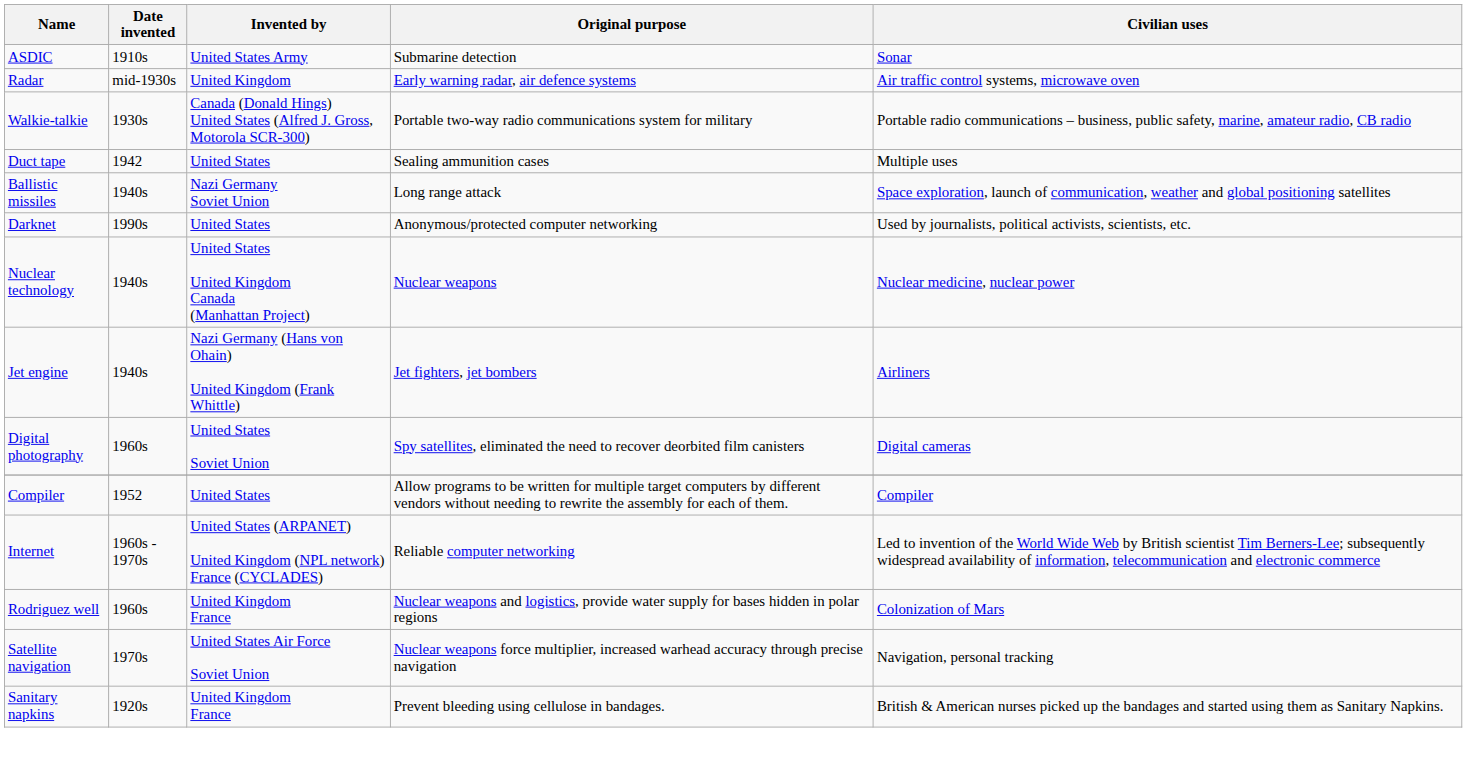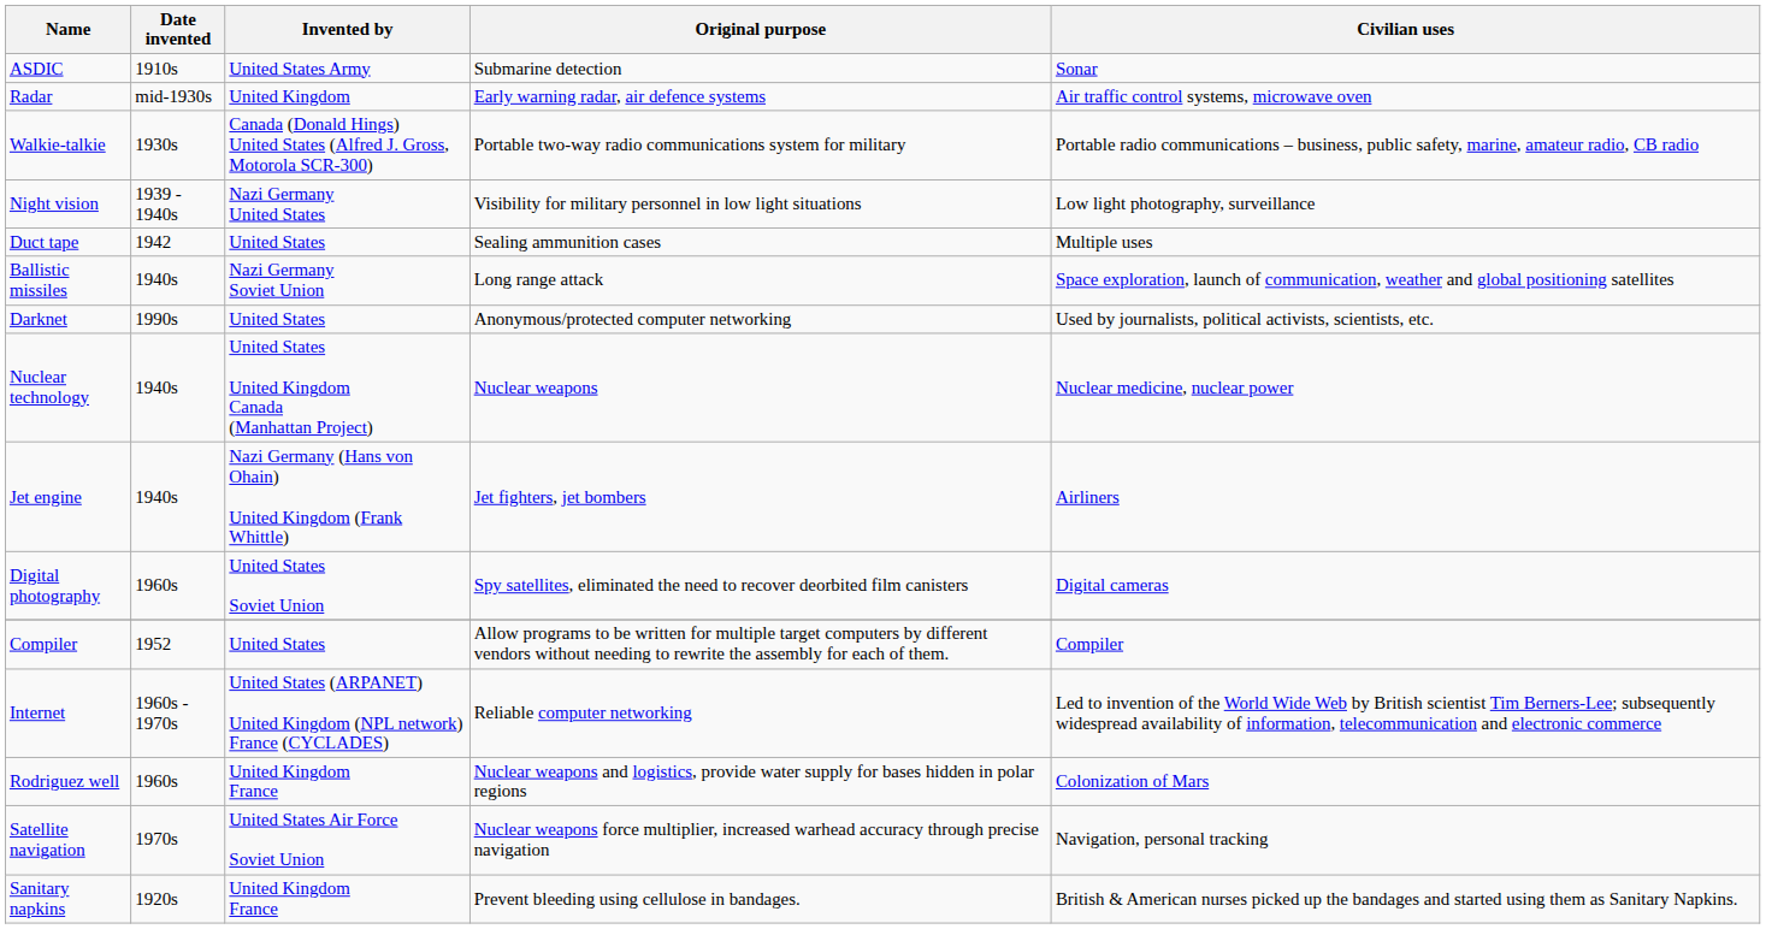 <table class="wikitable sortable">
 <tr>
 <th>Name</th>
 <th>Date invented</th>
 <th>Invented by</th>
 <th class="unsortable">Original purpose</th>
 <th class="unsortable">Civilian uses</th>
 </tr>
 <tr>
 <td><a href='#'>ASDIC</a></td>
 <td>1910s</td>
 <td>  <a href='#'>United States Army</a><br></td>
 <td>Submarine detection</td>
 <td><a href='#'>Sonar</a></td>
 </tr>
 <tr>
 <td><a href='#'>Radar</a></td>
 <td data-sort-value="1935">mid-1930s</td>
 <td> <a href='#'>United Kingdom</a></td>
 <td><a href='#'>Early warning radar</a>, <a href='#'>air defence systems</a></td>
 <td><a href='#'>Air traffic control</a> systems, <a href='#'>microwave oven</a></td>
 </tr>
 <tr>
 <td><a href='#'>Walkie-talkie</a></td>
 <td>1930s</td>
 <td> <a href='#'>Canada</a> (<a href='#'>Donald Hings</a>)<br> <a href='#'>United States</a> (<a href='#'>Alfred J. Gross</a>, <a href='#'>Motorola SCR-300</a>)</td>
 <td>Portable two-way radio communications system for military</td>
 <td>Portable radio communications – business, public safety, <a href='#'>marine</a>, <a href='#'>amateur radio</a>, <a href='#'>CB radio</a></td>
+</tr>
+<tr>
+<td><a href='#'>Night vision</a></td>
+<td>1939 - 1940s</td>
+<td> <a href='#'>Nazi Germany</a><br> <a href='#'>United States</a></td>
+<td>Visibility for military personnel in low light situations</td>
+<td>Low light photography, surveillance</td>
 </tr>
 <tr>
 <td><a href='#'>Duct tape</a></td>
 <td>1942</td>
 <td> <a href='#'>United States</a></td>
 <td>Sealing ammunition cases</td>
 <td>Multiple uses</td>
 </tr>
 <tr>
 <td><a href='#'>Ballistic missiles</a></td>
 <td>1940s</td>
 <td> <a href='#'>Nazi Germany</a><br> <a href='#'>Soviet Union</a></td>
 <td>Long range attack</td>
 <td><a href='#'>Space exploration</a>, launch of <a href='#'>communication</a>, <a href='#'>weather</a> and <a href='#'>global positioning</a> satellites</td>
 </tr>
 <tr>
 <td><a href='#'>Darknet</a></td>
 <td>1990s</td>
 <td> <a href='#'>United States</a><br></td>
 <td>Anonymous/protected computer networking</td>
 <td>Used by journalists, political activists, scientists, etc.</td>
 </tr>
 <tr>
 <td><a href='#'>Nuclear technology</a></td>
 <td>1940s</td>
 <td> <a href='#'>United States</a><br><br> <a href='#'>United Kingdom</a><br>  <a href='#'>Canada</a><br> (<a href='#'>Manhattan Project</a>)</td>
 <td><a href='#'>Nuclear weapons</a></td>
 <td><a href='#'>Nuclear medicine</a>, <a href='#'>nuclear power</a></td>
 </tr>
 <tr>
 <td><a href='#'>Jet engine</a></td>
 <td>1940s</td>
 <td> <a href='#'>Nazi Germany</a> (<a href='#'>Hans von Ohain</a>)<br><br> <a href='#'>United Kingdom</a> (<a href='#'>Frank Whittle</a>)</td>
 <td><a href='#'>Jet fighters</a>, <a href='#'>jet bombers</a></td>
 <td><a href='#'>Airliners</a></td>
 </tr>
 <tr>
 <td><a href='#'>Digital photography</a></td>
 <td>1960s</td>
 <td> <a href='#'>United States</a><br><br> <a href='#'>Soviet Union</a></td>
 <td><a href='#'>Spy satellites</a>, eliminated the need to recover deorbited film canisters</td>
 <td><a href='#'>Digital cameras</a></td>
 </tr>
 <tr BEANERS>
 </tr>
 <tr>
 <td><a href='#'>Compiler</a></td>
 <td>1952</td>
 <td> <a href='#'>United States</a></td>
 <td>Allow programs to be written for multiple target computers by different vendors without needing to rewrite the assembly for each of them.</td>
 <td><a href='#'>Compiler</a></td>
 </tr>
 <tr BEANERS>
 <td><a href='#'>Internet</a></td>
 <td>1960s - 1970s</td>
 <td> <a href='#'>United States</a> (<a href='#'>ARPANET</a>)<br><br> <a href='#'>United Kingdom</a> (<a href='#'>NPL network</a>)<br>  <a href='#'>France</a> (<a href='#'>CYCLADES</a>)</td>
 <td>Reliable <a href='#'>computer networking</a></td>
 <td>Led to invention of the <a href='#'>World Wide Web</a> by British scientist <a href='#'>Tim Berners-Lee</a>; subsequently widespread availability of <a href='#'>information</a>, <a href='#'>telecommunication</a> and <a href='#'>electronic commerce</a></td>
 </tr>
 <tr>
 <td><a href='#'>Rodriguez well</a></td>
 <td>1960s</td>
 <td> <a href='#'>United Kingdom</a><br> <a href='#'>France</a></td>
 <td><a href='#'>Nuclear weapons</a> and <a href='#'>logistics</a>, provide water supply for bases hidden in polar regions</td>
 <td><a href='#'>Colonization of Mars</a></td>
 </tr>
 <tr>
 <td><a href='#'>Satellite navigation</a></td>
 <td>1970s</td>
 <td>  <a href='#'>United States Air Force</a><br><br> <a href='#'>Soviet Union</a></td>
 <td><a href='#'>Nuclear weapons</a> force multiplier, increased warhead accuracy through precise navigation</td>
 <td>Navigation, personal tracking</td>
 </tr>
 <tr>
 <td><a href='#'>Sanitary napkins</a></td>
 <td>1920s</td>
 <td> <a href='#'>United Kingdom</a><br> <a href='#'>France</a></td>
 <td>Prevent bleeding using cellulose in bandages.</td>
 <td>British & American nurses picked up the bandages and started using them as Sanitary Napkins.</td>
 </tr>
 </table>
